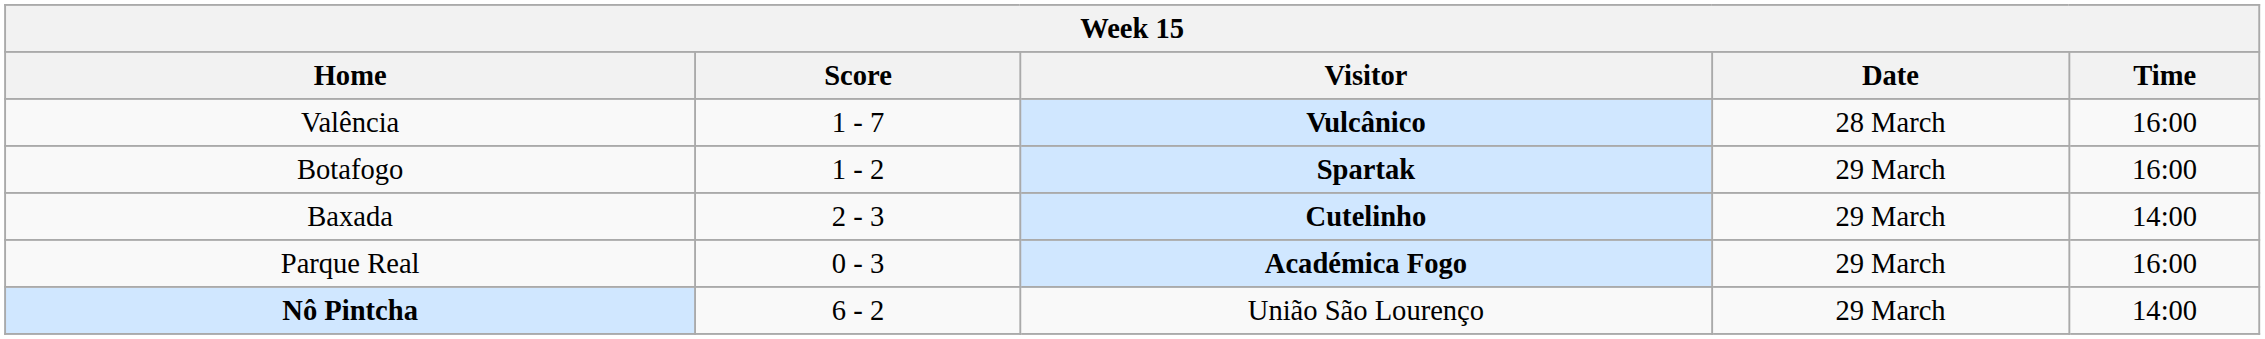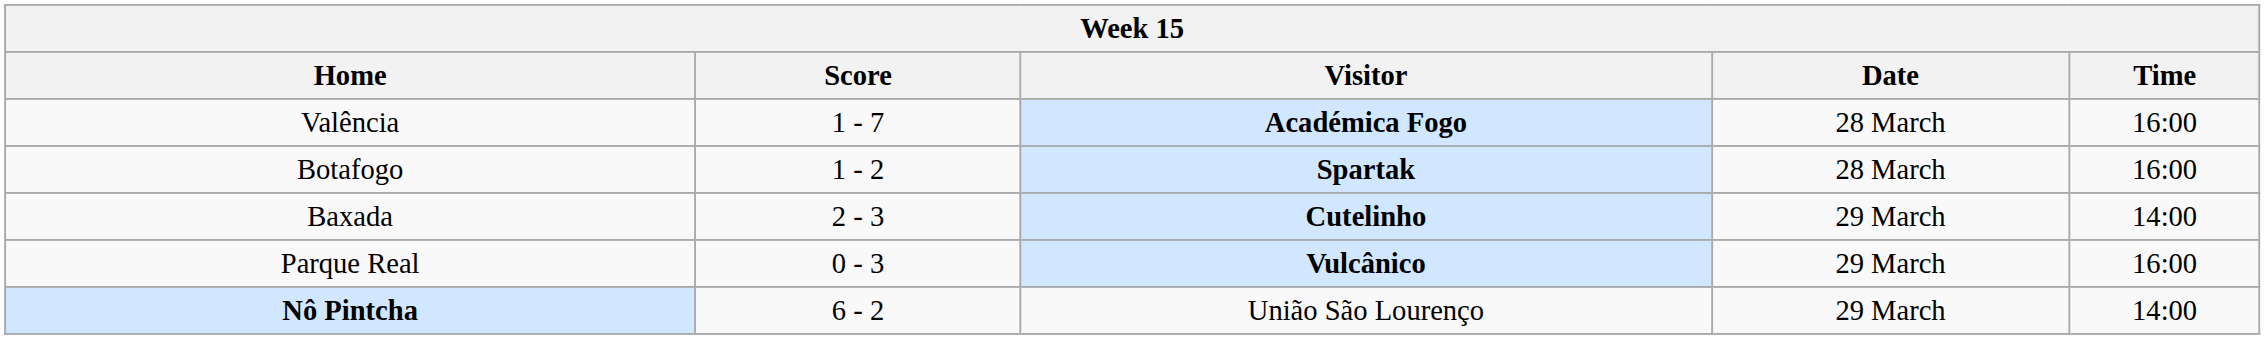 <table class="wikitable" style="margin:1em auto; font-size:95%; text-align: center; width: 95%;">
 <tr>
 <th colspan="12"  style="with:100%;">Week 15</th>
 </tr>
 <tr>
 <th style="width:200px;">Home</th>
 <th width="90">Score</th>
 <th style="width:200px;">Visitor</th>
 <th style="width:100px;">Date</th>
 <th style="width:50px;">Time</th>
 </tr>
 <tr>
 <td>Valência</td>
 <td>1 - 7</td>
-<td bgcolor=#D0E7FF><strong>Vulcânico</strong></td>
+<td bgcolor=#D0E7FF><strong>Académica Fogo</strong></td>
 <td>28 March</td>
 <td>16:00</td>
 </tr>
 <tr>
 <td>Botafogo</td>
 <td>1 - 2</td>
 <td bgcolor=#D0E7FF><strong>Spartak</strong></td>
-<td>29 March</td>
+<td>28 March</td>
 <td>16:00</td>
 </tr>
 <tr>
 <td>Baxada</td>
 <td>2 - 3</td>
 <td bgcolor=#D0E7FF><strong>Cutelinho</strong></td>
 <td>29 March</td>
 <td>14:00</td>
 </tr>
 <tr>
 <td>Parque Real</td>
 <td>0 - 3</td>
-<td bgcolor=#D0E7FF><strong>Académica Fogo</strong></td>
+<td bgcolor=#D0E7FF><strong>Vulcânico</strong></td>
 <td>29 March</td>
 <td>16:00</td>
 </tr>
 <tr>
 <td bgcolor=#D0E7FF><strong>Nô Pintcha</strong></td>
 <td>6 - 2</td>
 <td>União São Lourenço</td>
 <td>29 March</td>
 <td>14:00</td>
 </tr>
 </table>
